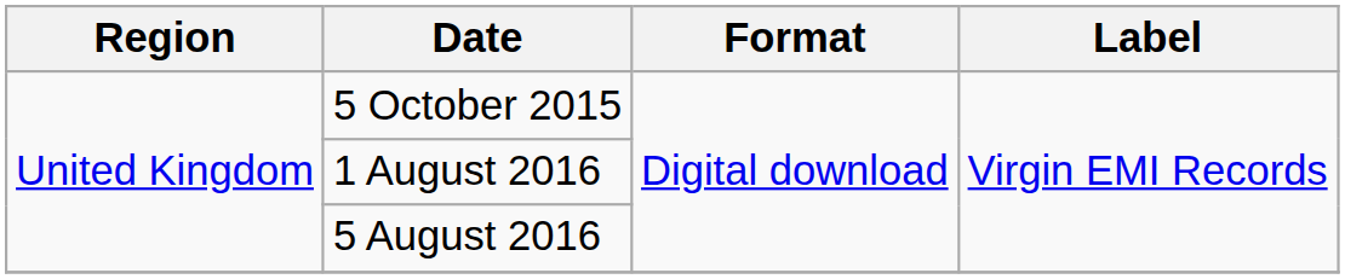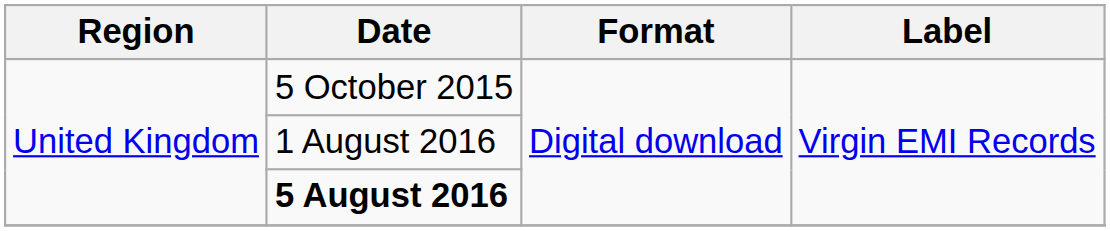 <table class=wikitable>
 <tr>
 <th>Region</th>
 <th>Date</th>
 <th>Format</th>
 <th>Label</th>
 </tr>
 <tr>
 <td rowspan="3"><a href='#'>United Kingdom</a></td>
 <td>5 October 2015</td>
 <td rowspan="3"><a href='#'>Digital download</a></td>
 <td rowspan="3"><a href='#'>Virgin EMI Records</a></td>
 </tr>
 <tr>
 <td>1 August 2016</td>
 </tr>
 <tr>
-<td>5 August 2016</td>
+<td><strong>5 August 2016</strong></td>
 </tr>
 <tr>
 </tr>
 </table>
